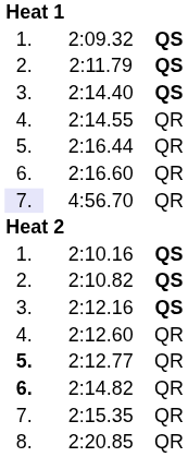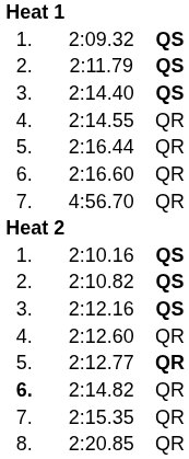 <table style="text-align:center">
 <tr>
 <td colspan=4 align=left><strong>Heat 1</strong></td>
 </tr>
 <tr>
 <td width=30>1.</td>
 <td align=left></td>
 <td width=80>2:09.32</td>
 <td><strong>QS</strong></td>
 </tr>
 <tr>
 <td>2.</td>
 <td align=left></td>
 <td>2:11.79</td>
 <td><strong>QS</strong></td>
 </tr>
 <tr>
 <td>3.</td>
 <td align=left></td>
 <td>2:14.40</td>
 <td><strong>QS</strong></td>
 </tr>
 <tr>
 <td>4.</td>
 <td align=left></td>
 <td>2:14.55</td>
 <td>QR</td>
 </tr>
 <tr>
 <td>5.</td>
 <td align=left></td>
 <td>2:16.44</td>
 <td>QR</td>
 </tr>
 <tr>
 <td>6.</td>
 <td align=left></td>
 <td>2:16.60</td>
 <td>QR</td>
 </tr>
 <tr>
-<td style="background: lavender;">7.</td>
+<td>7.</td>
 <td align=left></td>
 <td>4:56.70</td>
 <td>QR</td>
 </tr>
 <tr>
 <td colspan=4 align=left><strong>Heat 2</strong></td>
 </tr>
 <tr>
 <td>1.</td>
 <td align=left></td>
 <td>2:10.16</td>
 <td><strong>QS</strong></td>
 </tr>
 <tr>
 <td>2.</td>
 <td align=left></td>
 <td>2:10.82</td>
 <td><strong>QS</strong></td>
 </tr>
 <tr>
 <td>3.</td>
 <td align=left></td>
 <td>2:12.16</td>
 <td><strong>QS</strong></td>
 </tr>
 <tr>
 <td>4.</td>
 <td align=left></td>
 <td>2:12.60</td>
 <td>QR</td>
 </tr>
 <tr>
-<td><strong>5.</strong></td>
+<td>5.</td>
 <td align=left></td>
 <td>2:12.77</td>
-<td>QR</td>
+<td><strong>QR</strong></td>
 </tr>
 <tr>
 <td><strong>6.</strong></td>
 <td align=left></td>
 <td>2:14.82</td>
 <td>QR</td>
 </tr>
 <tr>
 <td>7.</td>
 <td align=left></td>
 <td>2:15.35</td>
 <td>QR</td>
 </tr>
 <tr>
 <td>8.</td>
 <td align=left></td>
 <td>2:20.85</td>
 <td>QR</td>
 </tr>
 </table>
